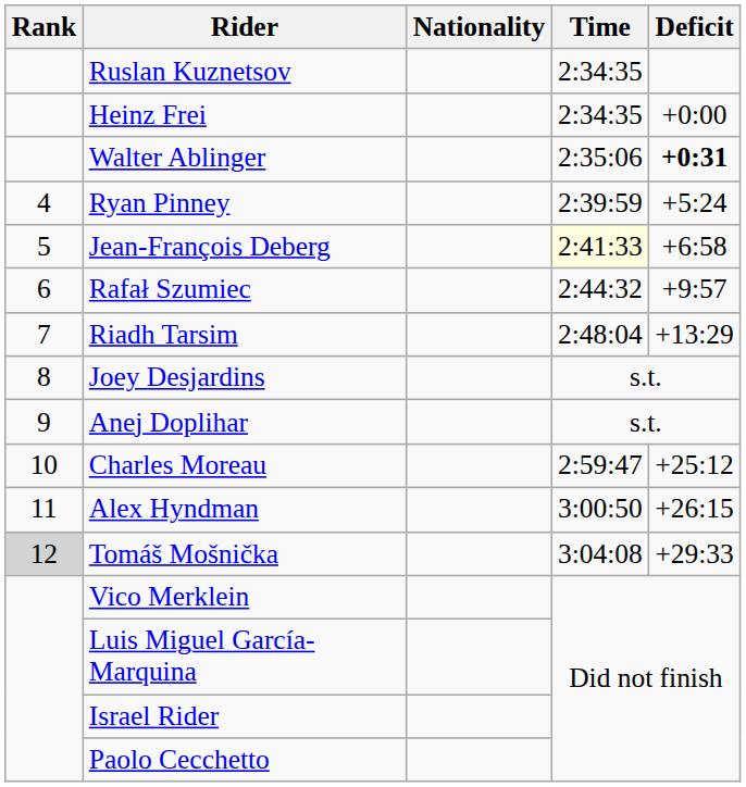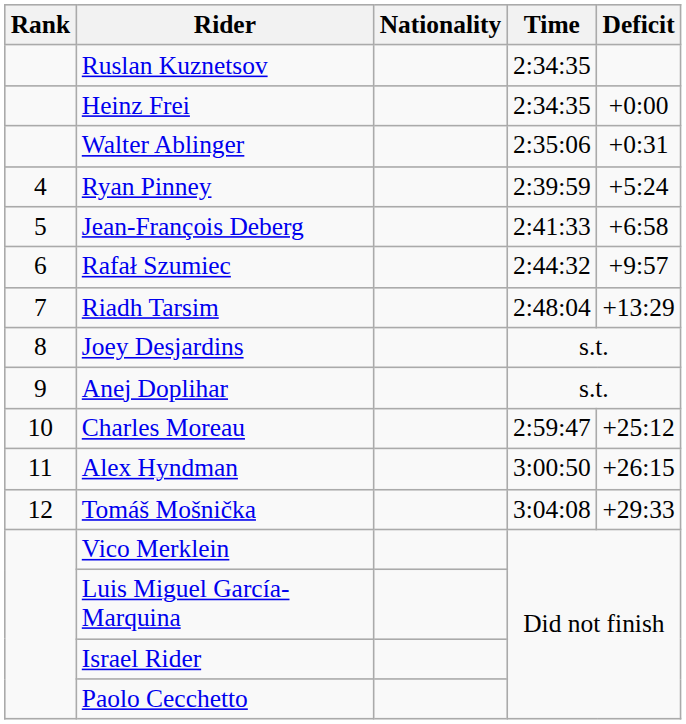 <table class="wikitable sortable" style="text-align:center">
 <tr>
 <th width=20>Rank</th>
 <th width=180>Rider</th>
 <th>Nationality</th>
 <th>Time</th>
 <th>Deficit</th>
 </tr>
 <tr>
 <td></td>
 <td align=left><a href='#'>Ruslan Kuznetsov</a></td>
 <td align=left></td>
 <td>2:34:35</td>
 <td></td>
 </tr>
 <tr>
 <td></td>
 <td align=left><a href='#'>Heinz Frei</a></td>
 <td align=left></td>
 <td>2:34:35</td>
 <td>+0:00</td>
 </tr>
 <tr>
 <td></td>
 <td align=left><a href='#'>Walter Ablinger</a></td>
 <td align=left></td>
 <td>2:35:06</td>
-<td><strong>+0:31</strong></td>
+<td>+0:31</td>
 </tr>
 <tr>
 <td>4</td>
 <td align=left><a href='#'>Ryan Pinney</a></td>
 <td align=left></td>
 <td>2:39:59</td>
 <td>+5:24</td>
 </tr>
 <tr>
 <td>5</td>
 <td align=left><a href='#'>Jean-François Deberg</a></td>
 <td align=left></td>
-<td style="background: lightyellow;">2:41:33</td>
+<td>2:41:33</td>
 <td>+6:58</td>
 </tr>
 <tr>
 <td>6</td>
 <td align=left><a href='#'>Rafał Szumiec</a></td>
 <td align=left></td>
 <td>2:44:32</td>
 <td>+9:57</td>
 </tr>
 <tr>
 <td>7</td>
 <td align=left><a href='#'>Riadh Tarsim</a></td>
 <td align=left></td>
 <td>2:48:04</td>
 <td>+13:29</td>
 </tr>
 <tr>
 <td>8</td>
 <td align=left><a href='#'>Joey Desjardins</a></td>
 <td align=left></td>
 <td colspan=2>s.t.</td>
 </tr>
 <tr>
 <td>9</td>
 <td align=left><a href='#'>Anej Doplihar</a></td>
 <td align=left></td>
 <td colspan=2>s.t.</td>
 </tr>
 <tr>
 <td>10</td>
 <td align=left><a href='#'>Charles Moreau</a></td>
 <td align=left></td>
 <td>2:59:47</td>
 <td>+25:12</td>
 </tr>
 <tr>
 <td>11</td>
 <td align=left><a href='#'>Alex Hyndman</a></td>
 <td align=left></td>
 <td>3:00:50</td>
 <td>+26:15</td>
 </tr>
 <tr>
-<td style="background: lightgrey;">12</td>
+<td>12</td>
 <td align=left><a href='#'>Tomáš Mošnička</a></td>
 <td align=left></td>
 <td>3:04:08</td>
 <td>+29:33</td>
 </tr>
 <tr>
 <td rowspan=4></td>
 <td align=left><a href='#'>Vico Merklein</a></td>
 <td align=left></td>
 <td colspan=2 rowspan=4>Did not finish</td>
 </tr>
 <tr>
 <td align=left><a href='#'>Luis Miguel García-Marquina</a></td>
 <td align=left></td>
 </tr>
 <tr>
 <td align=left><a href='#'>Israel Rider</a></td>
 <td align=left></td>
 </tr>
 <tr>
 <td align=left><a href='#'>Paolo Cecchetto</a></td>
 <td align=left></td>
 </tr>
 </table>
